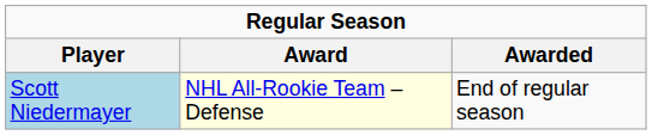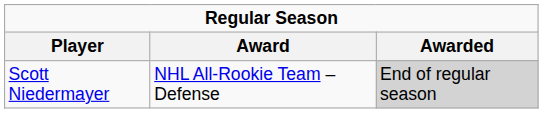 <table class="wikitable" style="width:55%;">
 <tr>
 <td colspan="10" style="text-align:center;"><strong>Regular Season</strong></td>
 </tr>
 <tr>
 <th>Player</th>
 <th>Award</th>
 <th>Awarded</th>
 </tr>
 <tr>
-<td style="background: lightblue;"><a href='#'>Scott Niedermayer</a></td>
-<td style="background: lightyellow;"><a href='#'>NHL All-Rookie Team</a> – Defense</td>
-<td>End of regular season</td>
+<td><a href='#'>Scott Niedermayer</a></td>
+<td><a href='#'>NHL All-Rookie Team</a> – Defense</td>
+<td style="background: lightgrey;">End of regular season</td>
 </tr>
 </table>
